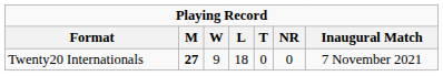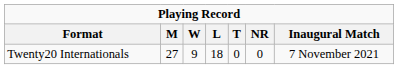 <table class="wikitable" style="text-align: center; width: 500px;">
 <tr>
 <td colspan=7 align="center"><strong>Playing Record</strong></td>
 </tr>
 <tr>
 <th>Format</th>
 <th>M</th>
 <th>W</th>
 <th>L</th>
 <th>T</th>
 <th>NR</th>
 <th>Inaugural Match</th>
 </tr>
 <tr>
 <td align="left">Twenty20 Internationals</td>
-<td><strong>27</strong></td>
+<td>27</td>
 <td>9</td>
 <td>18</td>
 <td>0</td>
 <td>0</td>
 <td>7 November 2021</td>
 </tr>
 </table>
